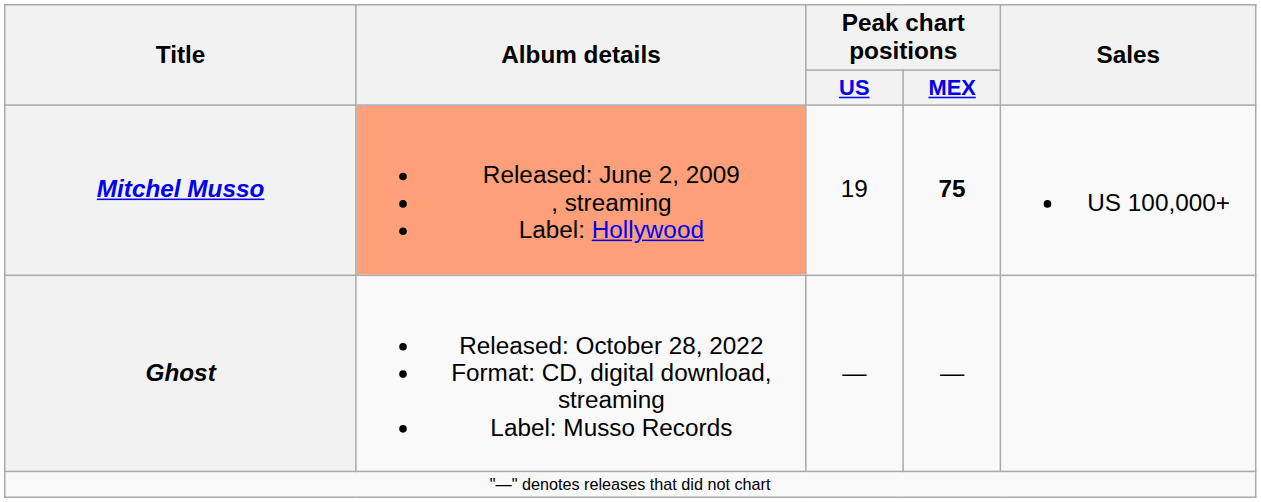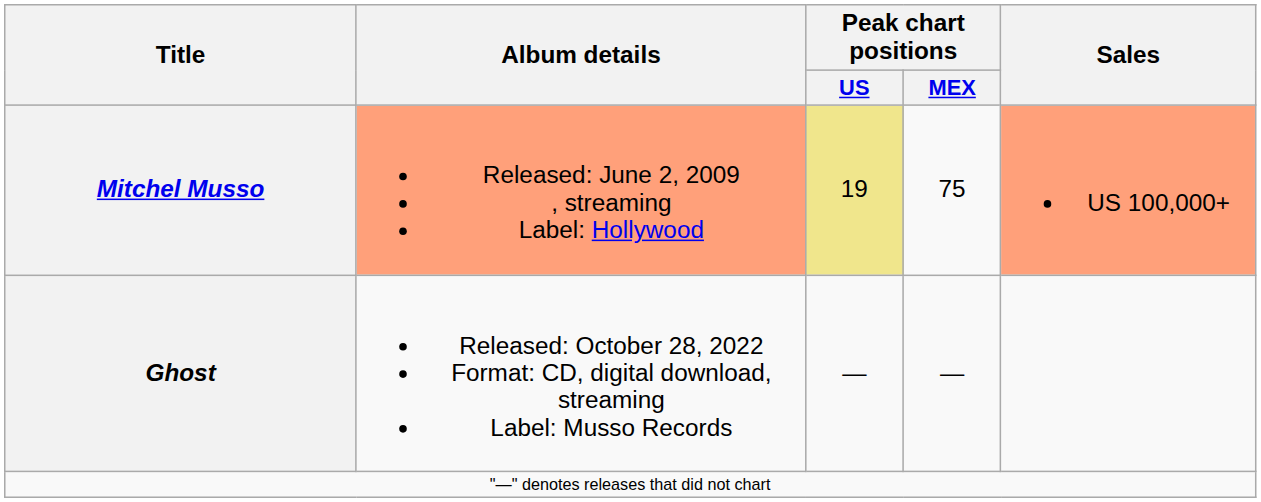 <table class="wikitable plainrowheaders" style="text-align:center;" border="1">
 <tr>
 <th scope="col" rowspan="2" style="width:14em;">Title</th>
 <th scope="col" rowspan="2" style="width:18em;">Album details</th>
 <th scope="col" colspan="2">Peak chart positions</th>
 <th scope="col" rowspan="2" style="width:10em;">Sales</th>
 </tr>
 <tr>
 <th scope="col" style="width:4em;font-size:90%;"><a href='#'>US</a><br></th>
 <th scope="col" style="width:4em;font-size:90%;"><a href='#'>MEX</a><br></th>
 </tr>
 <tr>
 <th scope="row"><em><a href='#'>Mitchel Musso</a></em></th>
 <td style="background: lightsalmon;"><br><ul><li>Released: June 2, 2009</li><li>, streaming</li><li>Label: <a href='#'>Hollywood</a></li></ul></td>
-<td>19</td>
-<td><strong>75</strong></td>
-<td><br><ul><li>US 100,000+</li></ul></td>
+<td style="background: khaki;">19</td>
+<td>75</td>
+<td style="background: lightsalmon;"><br><ul><li>US 100,000+</li></ul></td>
 </tr>
 <tr>
 <th scope="row"><em>Ghost</em></th>
 <td><br><ul><li>Released: October 28, 2022</li><li>Format: CD, digital download, streaming</li><li>Label: Musso Records</li></ul></td>
 <td>—</td>
 <td>—</td>
 <td></td>
 </tr>
 <tr>
 <td colspan="9" style="font-size:8pt">"—" denotes releases that did not chart</td>
 </tr>
 </table>
